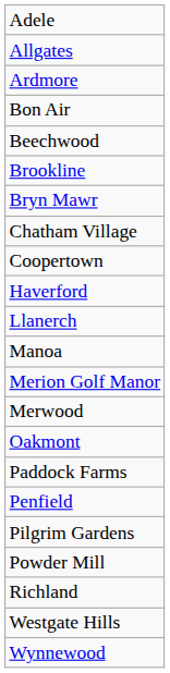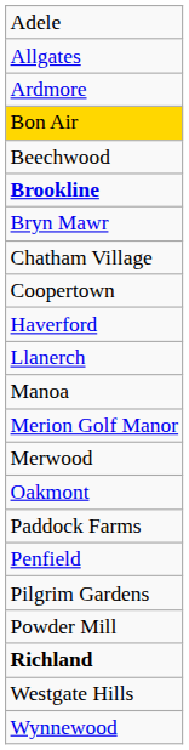 <table class="wikitable">
 <tr>
 <td>Adele</td>
 </tr>
 <tr>
 <td><a href='#'>Allgates</a></td>
 </tr>
 <tr>
 <td><a href='#'>Ardmore</a></td>
 </tr>
 <tr>
-<td>Bon Air</td>
+<td style="background: gold;">Bon Air</td>
 </tr>
 <tr>
 <td>Beechwood</td>
 </tr>
 <tr>
-<td><a href='#'>Brookline</a></td>
+<td><strong><a href='#'>Brookline</a></strong></td>
 </tr>
 <tr>
 <td><a href='#'>Bryn Mawr</a></td>
 </tr>
 <tr>
 <td>Chatham Village</td>
 </tr>
 <tr>
 <td>Coopertown</td>
 </tr>
 <tr>
 <td><a href='#'>Haverford</a></td>
 </tr>
 <tr>
 <td><a href='#'>Llanerch</a></td>
 </tr>
 <tr>
 <td>Manoa</td>
 </tr>
 <tr>
 <td><a href='#'>Merion Golf Manor</a></td>
 </tr>
 <tr>
 <td>Merwood</td>
 </tr>
 <tr>
 <td><a href='#'>Oakmont</a></td>
 </tr>
 <tr>
 <td>Paddock Farms</td>
 </tr>
 <tr>
 <td><a href='#'>Penfield</a></td>
 </tr>
 <tr>
 <td>Pilgrim Gardens</td>
 </tr>
 <tr>
 <td>Powder Mill</td>
 </tr>
 <tr>
-<td>Richland</td>
+<td><strong>Richland</strong></td>
 </tr>
 <tr>
 <td>Westgate Hills</td>
 </tr>
 <tr>
 <td><a href='#'>Wynnewood</a></td>
 </tr>
 </table>
